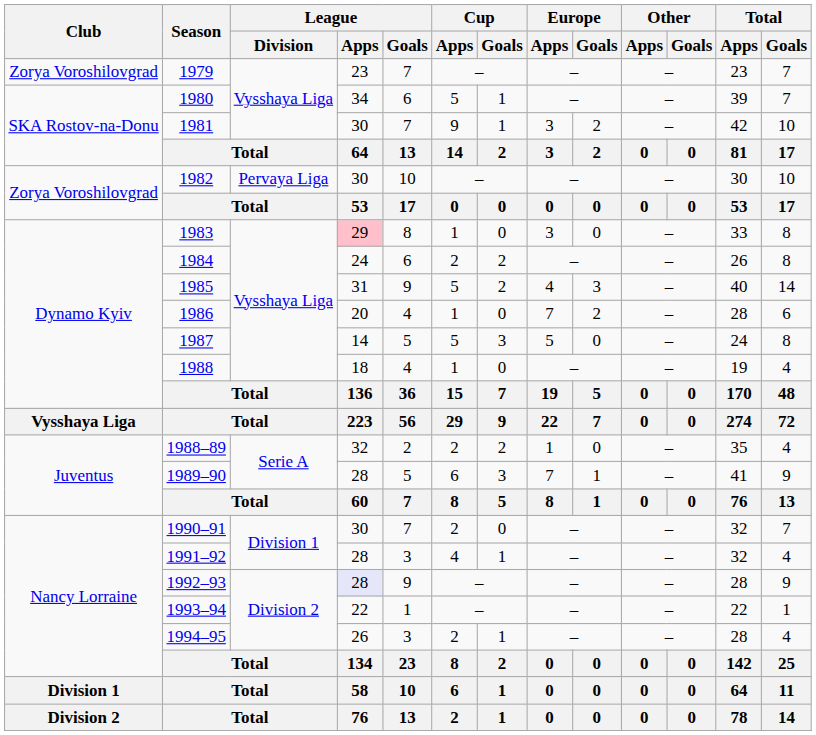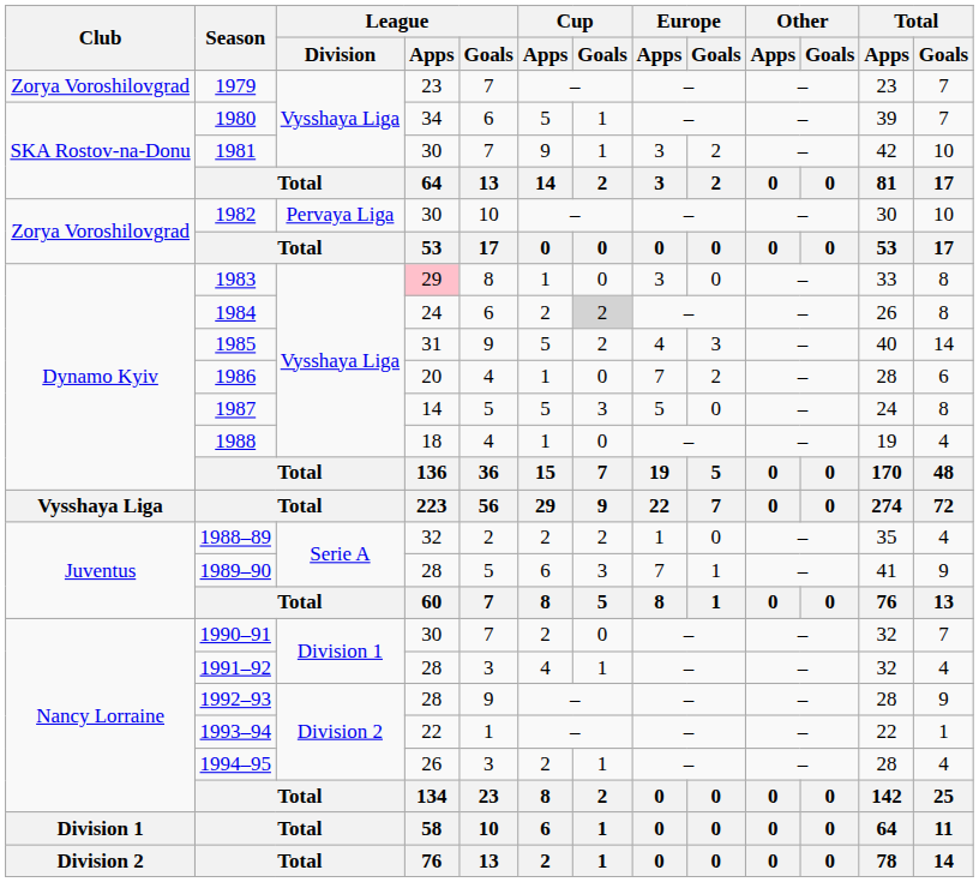 <table class="wikitable" style="text-align:center">
 <tr>
 <th rowspan="2">Club</th>
 <th rowspan="2">Season</th>
 <th colspan="3">League</th>
 <th colspan="2">Cup</th>
 <th colspan="2">Europe</th>
 <th colspan="2">Other</th>
 <th colspan="2">Total</th>
 </tr>
 <tr>
 <th>Division</th>
 <th>Apps</th>
 <th>Goals</th>
 <th>Apps</th>
 <th>Goals</th>
 <th>Apps</th>
 <th>Goals</th>
 <th>Apps</th>
 <th>Goals</th>
 <th>Apps</th>
 <th>Goals</th>
 </tr>
 <tr>
 <td rowspan="1"><a href='#'>Zorya Voroshilovgrad</a></td>
 <td><a href='#'>1979</a></td>
 <td rowspan=3><a href='#'>Vysshaya Liga</a></td>
 <td>23</td>
 <td>7</td>
 <td colspan="2">–</td>
 <td colspan="2">–</td>
 <td colspan="2">–</td>
 <td>23</td>
 <td>7</td>
 </tr>
 <tr>
 <td rowspan="3"><a href='#'>SKA Rostov-na-Donu</a></td>
 <td><a href='#'>1980</a></td>
 <td>34</td>
 <td>6</td>
 <td>5</td>
 <td>1</td>
 <td colspan="2">–</td>
 <td colspan="2">–</td>
 <td>39</td>
 <td>7</td>
 </tr>
 <tr>
 <td><a href='#'>1981</a></td>
 <td>30</td>
 <td>7</td>
 <td>9</td>
 <td>1</td>
 <td>3</td>
 <td>2</td>
 <td colspan="2">–</td>
 <td>42</td>
 <td>10</td>
 </tr>
 <tr>
 <th colspan="2">Total</th>
 <th>64</th>
 <th>13</th>
 <th>14</th>
 <th>2</th>
 <th>3</th>
 <th>2</th>
 <th>0</th>
 <th>0</th>
 <th>81</th>
 <th>17</th>
 </tr>
 <tr>
 <td rowspan="2"><a href='#'>Zorya Voroshilovgrad</a></td>
 <td><a href='#'>1982</a></td>
 <td rowspan=1><a href='#'>Pervaya Liga</a></td>
 <td>30</td>
 <td>10</td>
 <td colspan="2">–</td>
 <td colspan="2">–</td>
 <td colspan="2">–</td>
 <td>30</td>
 <td>10</td>
 </tr>
 <tr>
 <th colspan="2">Total</th>
 <th>53</th>
 <th>17</th>
 <th>0</th>
 <th>0</th>
 <th>0</th>
 <th>0</th>
 <th>0</th>
 <th>0</th>
 <th>53</th>
 <th>17</th>
 </tr>
 <tr>
 <td rowspan="7"><a href='#'>Dynamo Kyiv</a></td>
 <td><a href='#'>1983</a></td>
 <td rowspan=6><a href='#'>Vysshaya Liga</a></td>
 <td style="background: pink;">29</td>
 <td>8</td>
 <td>1</td>
 <td>0</td>
 <td>3</td>
 <td>0</td>
 <td colspan="2">–</td>
 <td>33</td>
 <td>8</td>
 </tr>
 <tr>
 <td><a href='#'>1984</a></td>
 <td>24</td>
 <td>6</td>
 <td>2</td>
-<td>2</td>
+<td style="background: lightgrey;">2</td>
 <td colspan="2">–</td>
 <td colspan="2">–</td>
 <td>26</td>
 <td>8</td>
 </tr>
 <tr>
 <td><a href='#'>1985</a></td>
 <td>31</td>
 <td>9</td>
 <td>5</td>
 <td>2</td>
 <td>4</td>
 <td>3</td>
 <td colspan="2">–</td>
 <td>40</td>
 <td>14</td>
 </tr>
 <tr>
 <td><a href='#'>1986</a></td>
 <td>20</td>
 <td>4</td>
 <td>1</td>
 <td>0</td>
 <td>7</td>
 <td>2</td>
 <td colspan="2">–</td>
 <td>28</td>
 <td>6</td>
 </tr>
 <tr>
 <td><a href='#'>1987</a></td>
 <td>14</td>
 <td>5</td>
 <td>5</td>
 <td>3</td>
 <td>5</td>
 <td>0</td>
 <td colspan="2">–</td>
 <td>24</td>
 <td>8</td>
 </tr>
 <tr>
 <td><a href='#'>1988</a></td>
 <td>18</td>
 <td>4</td>
 <td>1</td>
 <td>0</td>
 <td colspan="2">–</td>
 <td colspan="2">–</td>
 <td>19</td>
 <td>4</td>
 </tr>
 <tr>
 <th colspan="2">Total</th>
 <th>136</th>
 <th>36</th>
 <th>15</th>
 <th>7</th>
 <th>19</th>
 <th>5</th>
 <th>0</th>
 <th>0</th>
 <th>170</th>
 <th>48</th>
 </tr>
 <tr>
 <th colspan="1">Vysshaya Liga</th>
 <th colspan="2">Total</th>
 <th>223</th>
 <th>56</th>
 <th>29</th>
 <th>9</th>
 <th>22</th>
 <th>7</th>
 <th>0</th>
 <th>0</th>
 <th>274</th>
 <th>72</th>
 </tr>
 <tr>
 <td rowspan="3"><a href='#'>Juventus</a></td>
 <td><a href='#'>1988–89</a></td>
 <td rowspan=2><a href='#'>Serie A</a></td>
 <td>32</td>
 <td>2</td>
 <td>2</td>
 <td>2</td>
 <td>1</td>
 <td>0</td>
 <td colspan="2">–</td>
 <td>35</td>
 <td>4</td>
 </tr>
 <tr>
 <td><a href='#'>1989–90</a></td>
 <td>28</td>
 <td>5</td>
 <td>6</td>
 <td>3</td>
 <td>7</td>
 <td>1</td>
 <td colspan="2">–</td>
 <td>41</td>
 <td>9</td>
 </tr>
 <tr>
 <th colspan="2">Total</th>
 <th>60</th>
 <th>7</th>
 <th>8</th>
 <th>5</th>
 <th>8</th>
 <th>1</th>
 <th>0</th>
 <th>0</th>
 <th>76</th>
 <th>13</th>
 </tr>
 <tr>
 <td rowspan="6"><a href='#'>Nancy Lorraine</a></td>
 <td><a href='#'>1990–91</a></td>
 <td rowspan=2><a href='#'>Division 1</a></td>
 <td>30</td>
 <td>7</td>
 <td>2</td>
 <td>0</td>
 <td colspan="2">–</td>
 <td colspan="2">–</td>
 <td>32</td>
 <td>7</td>
 </tr>
 <tr>
 <td><a href='#'>1991–92</a></td>
 <td>28</td>
 <td>3</td>
 <td>4</td>
 <td>1</td>
 <td colspan="2">–</td>
 <td colspan="2">–</td>
 <td>32</td>
 <td>4</td>
 </tr>
 <tr>
 <td><a href='#'>1992–93</a></td>
 <td rowspan=3><a href='#'>Division 2</a></td>
-<td style="background: lavender;">28</td>
+<td>28</td>
 <td>9</td>
 <td colspan="2">–</td>
 <td colspan="2">–</td>
 <td colspan="2">–</td>
 <td>28</td>
 <td>9</td>
 </tr>
 <tr>
 <td><a href='#'>1993–94</a></td>
 <td>22</td>
 <td>1</td>
 <td colspan="2">–</td>
 <td colspan="2">–</td>
 <td colspan="2">–</td>
 <td>22</td>
 <td>1</td>
 </tr>
 <tr>
 <td><a href='#'>1994–95</a></td>
 <td>26</td>
 <td>3</td>
 <td>2</td>
 <td>1</td>
 <td colspan="2">–</td>
 <td colspan="2">–</td>
 <td>28</td>
 <td>4</td>
 </tr>
 <tr>
 <th colspan="2">Total</th>
 <th>134</th>
 <th>23</th>
 <th>8</th>
 <th>2</th>
 <th>0</th>
 <th>0</th>
 <th>0</th>
 <th>0</th>
 <th>142</th>
 <th>25</th>
 </tr>
 <tr>
 <th colspan="1">Division 1</th>
 <th colspan="2">Total</th>
 <th>58</th>
 <th>10</th>
 <th>6</th>
 <th>1</th>
 <th>0</th>
 <th>0</th>
 <th>0</th>
 <th>0</th>
 <th>64</th>
 <th>11</th>
 </tr>
 <tr>
 <th colspan="1">Division 2</th>
 <th colspan="2">Total</th>
 <th>76</th>
 <th>13</th>
 <th>2</th>
 <th>1</th>
 <th>0</th>
 <th>0</th>
 <th>0</th>
 <th>0</th>
 <th>78</th>
 <th>14</th>
 </tr>
 <tr>
 </tr>
 </table>
